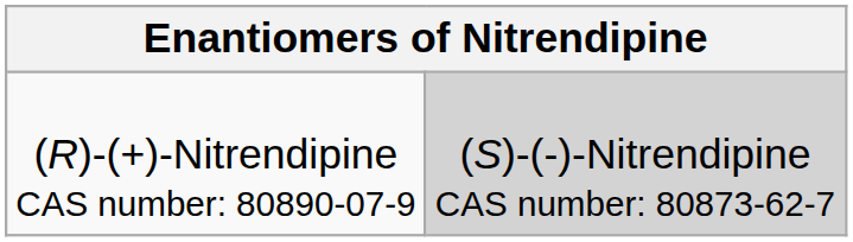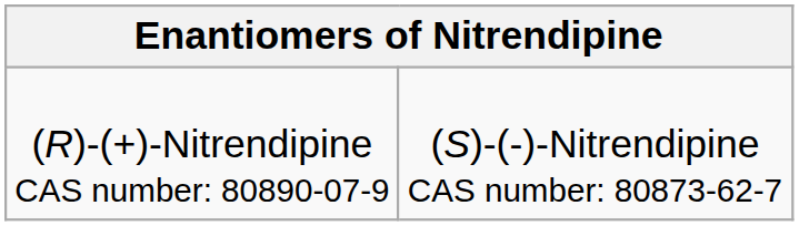 <table class="wikitable" style="text-align:center">
 <tr class="hintergrundfarbe6">
 <th colspan="2">Enantiomers of Nitrendipine</th>
 </tr>
 <tr>
 <td><br>(<em>R</em>)-(+)-Nitrendipine<br><small> CAS number: 80890-07-9</small></td>
-<td style="background: lightgrey;"><br>(<em>S</em>)-(-)-Nitrendipine<br><small> CAS number: 80873-62-7</small></td>
+<td><br>(<em>S</em>)-(-)-Nitrendipine<br><small> CAS number: 80873-62-7</small></td>
 </tr>
 </table>
